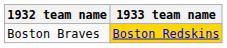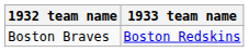 <table class="wikitable">
 <tr>
 <th>1932 team name</th>
 <th>1933 team name</th>
 </tr>
 <tr>
 <td>Boston Braves</td>
-<td style="background: gold;"><a href='#'>Boston Redskins</a></td>
+<td><a href='#'>Boston Redskins</a></td>
 </tr>
 </table>
